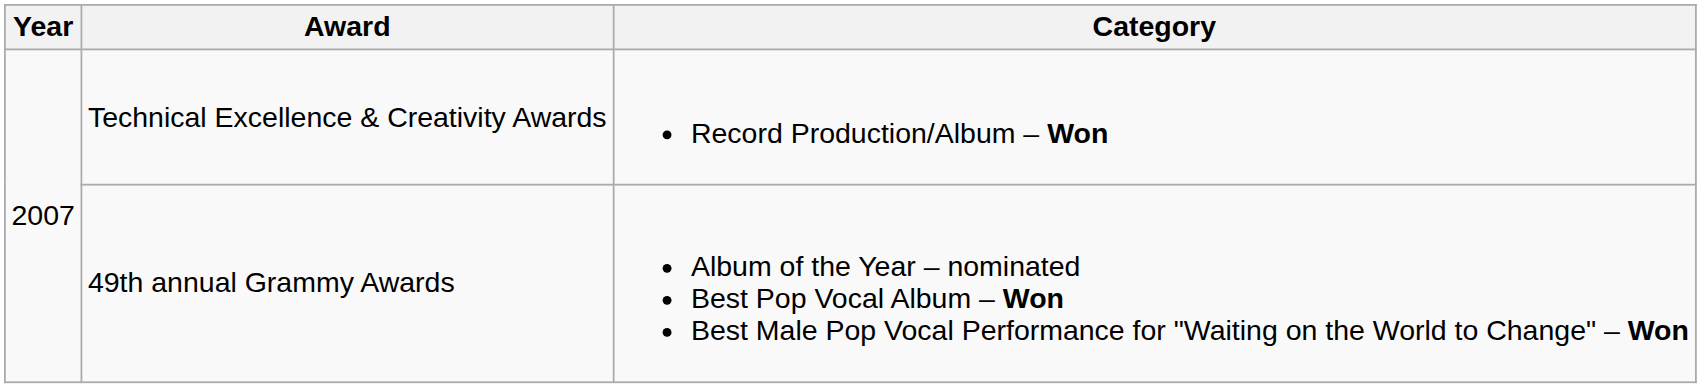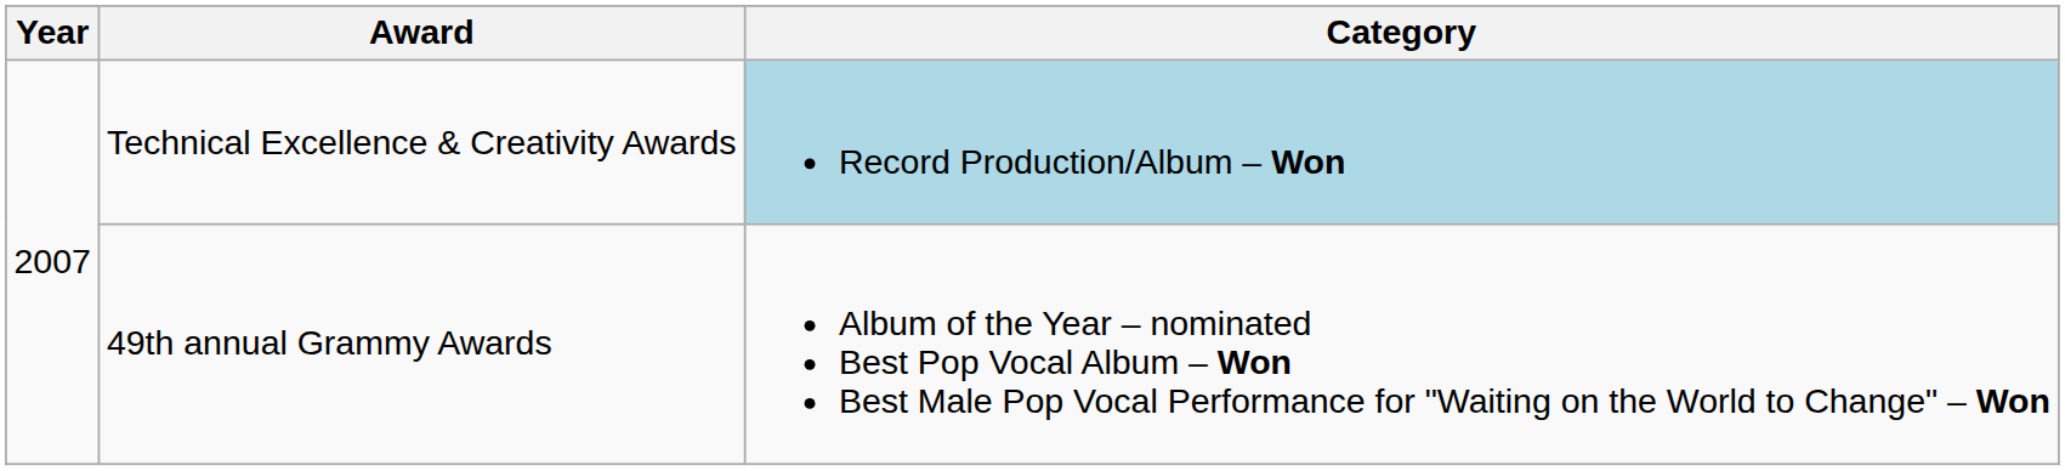 <table class="wikitable">
 <tr>
 <th align=center>Year</th>
 <th>Award</th>
 <th>Category</th>
 </tr>
 <tr>
 <td rowspan=2>2007</td>
 <td>Technical Excellence & Creativity Awards</td>
-<td><br><ul><li>Record Production/Album – <strong>Won</strong></li></ul></td>
+<td style="background: lightblue;"><br><ul><li>Record Production/Album – <strong>Won</strong></li></ul></td>
 </tr>
 <tr>
 <td>49th annual Grammy Awards</td>
 <td><br><ul><li>Album of the Year – nominated</li><li>Best Pop Vocal Album – <strong>Won</strong></li><li>Best Male Pop Vocal Performance for "Waiting on the World to Change" – <strong>Won</strong></li></ul></td>
 </tr>
 </table>
